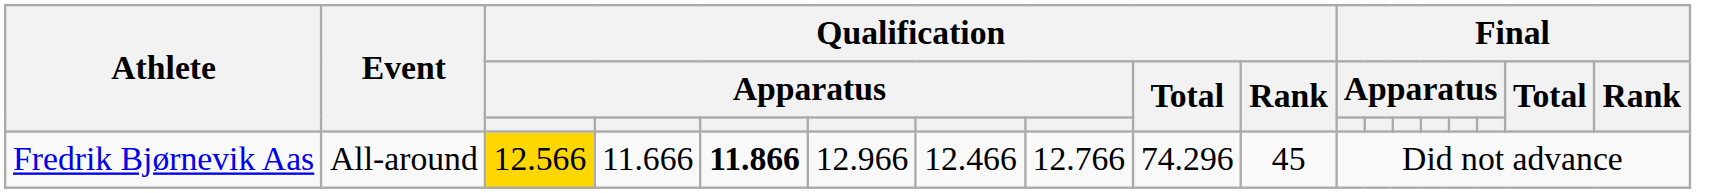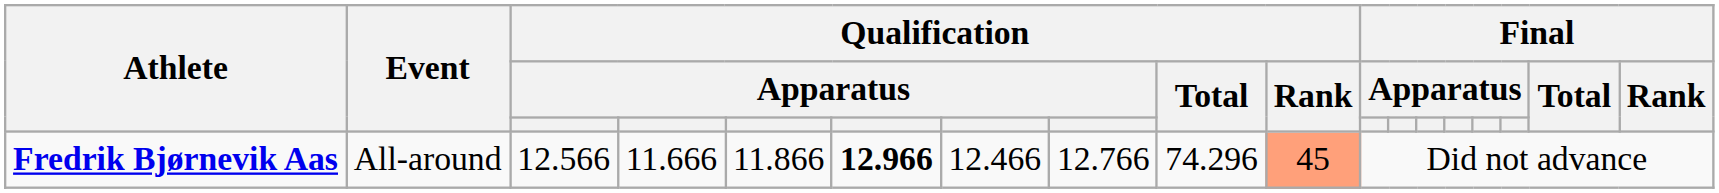 <table class="wikitable" style="font-size:90%; text-align:center">
 <tr>
 <th rowspan="3">Athlete</th>
 <th rowspan="3">Event</th>
 <th colspan="8">Qualification</th>
 <th colspan="8">Final</th>
 </tr>
 <tr>
 <th colspan="6">Apparatus</th>
 <th rowspan="2">Total</th>
 <th rowspan="2">Rank</th>
 <th colspan="6">Apparatus</th>
 <th rowspan="2">Total</th>
 <th rowspan="2">Rank</th>
 </tr>
 <tr>
 <th></th>
 <th></th>
 <th></th>
 <th></th>
 <th></th>
 <th></th>
 <th></th>
 <th></th>
 <th></th>
 <th></th>
 <th></th>
 <th></th>
 </tr>
 <tr>
-<td align="left"><a href='#'>Fredrik Bjørnevik Aas</a></td>
+<td align="left"><strong><a href='#'>Fredrik Bjørnevik Aas</a></strong></td>
 <td align="left">All-around</td>
-<td style="background: gold;">12.566</td>
+<td>12.566</td>
 <td>11.666</td>
-<td><strong>11.866</strong></td>
-<td>12.966</td>
+<td>11.866</td>
+<td><strong>12.966</strong></td>
 <td>12.466</td>
 <td>12.766</td>
 <td>74.296</td>
-<td>45</td>
+<td style="background: lightsalmon;">45</td>
 <td colspan="8">Did not advance</td>
 </tr>
 </table>
